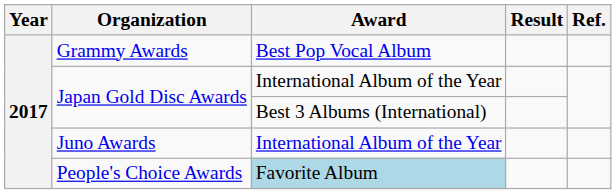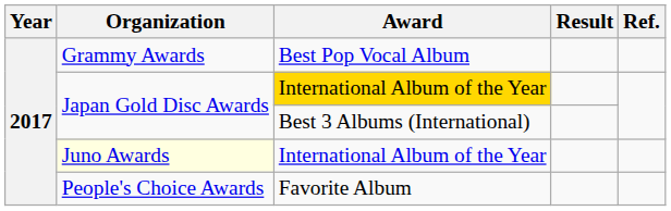 <table class="wikitable plainrowheaders">
 <tr>
 <th>Year</th>
 <th>Organization</th>
 <th>Award</th>
 <th>Result</th>
 <th>Ref.</th>
 </tr>
 <tr>
 <th rowspan="5" scope="row">2017</th>
 <td><a href='#'>Grammy Awards</a></td>
 <td><a href='#'>Best Pop Vocal Album</a></td>
 <td></td>
 <td></td>
 </tr>
 <tr>
 <td rowspan="2"><a href='#'>Japan Gold Disc Awards</a></td>
-<td>International Album of the Year</td>
+<td style="background: gold;">International Album of the Year</td>
 <td></td>
 <td rowspan="2"></td>
 </tr>
 <tr>
 <td>Best 3 Albums (International)</td>
 <td></td>
 </tr>
 <tr>
-<td><a href='#'>Juno Awards</a></td>
+<td style="background: lightyellow;"><a href='#'>Juno Awards</a></td>
 <td><a href='#'>International Album of the Year</a></td>
 <td></td>
 <td></td>
 </tr>
 <tr>
 <td><a href='#'>People's Choice Awards</a></td>
-<td style="background: lightblue;">Favorite Album</td>
+<td>Favorite Album</td>
 <td></td>
 <td></td>
 </tr>
 </table>
